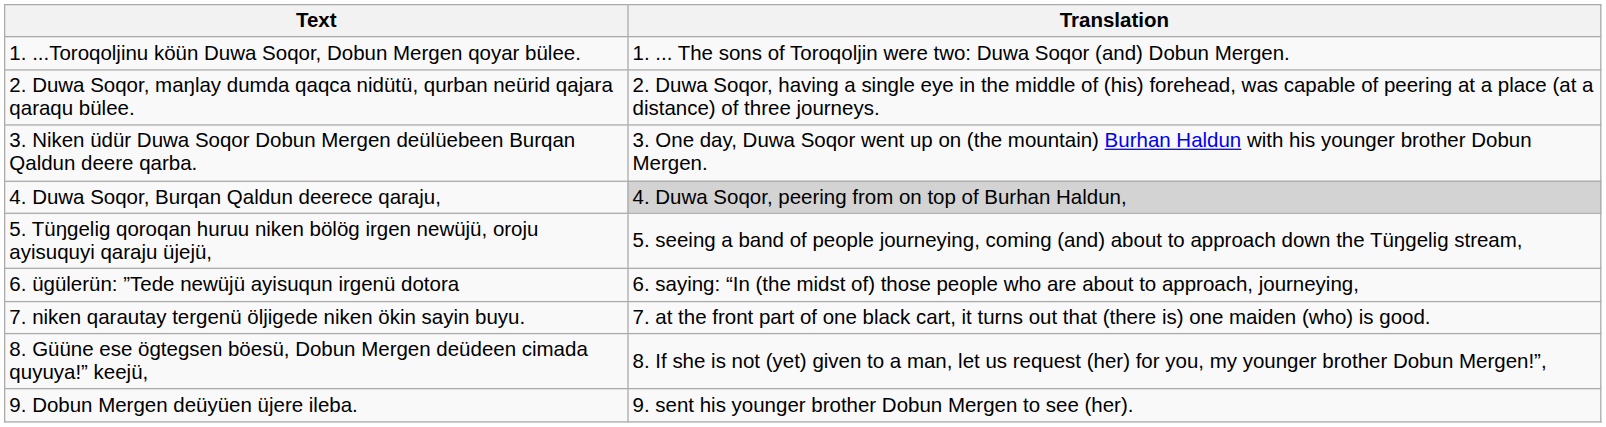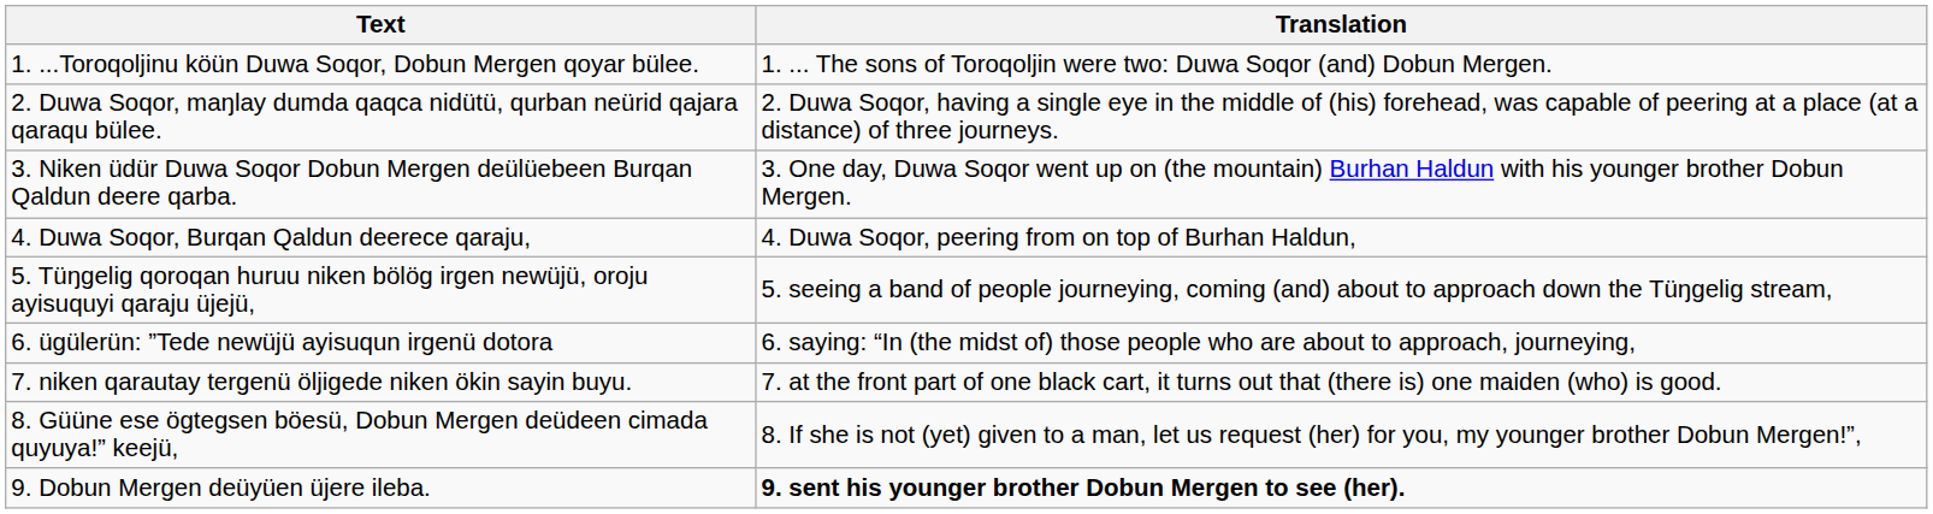 <table class="wikitable">
 <tr>
 <th>Text</th>
 <th>Translation</th>
 </tr>
 <tr>
 <td>1. ...Toroqoljinu köün Duwa Soqor, Dobun Mergen qoyar bülee.</td>
 <td>1. ... The sons of Toroqoljin were two: Duwa Soqor (and) Dobun Mergen.</td>
 </tr>
 <tr>
 <td>2. Duwa Soqor, maŋlay dumda qaqca nidütü, qurban neürid qajara qaraqu bülee.</td>
 <td>2. Duwa Soqor, having a single eye in the middle of (his) forehead, was capable of peering at a place (at a distance) of three journeys.</td>
 </tr>
 <tr>
 <td>3. Niken üdür Duwa Soqor Dobun Mergen deülüebeen Burqan Qaldun deere qarba.</td>
 <td>3. One day, Duwa Soqor went up on (the mountain) <a href='#'>Burhan Haldun</a> with his younger brother Dobun Mergen.</td>
 </tr>
 <tr>
 <td>4. Duwa Soqor, Burqan Qaldun deerece qaraju,</td>
-<td style="background: lightgrey;">4. Duwa Soqor, peering from on top of Burhan Haldun,</td>
+<td>4. Duwa Soqor, peering from on top of Burhan Haldun,</td>
 </tr>
 <tr>
 <td>5. Tüŋgelig qoroqan huruu niken bölög irgen newüjü, oroju ayisuquyi qaraju üjejü,</td>
 <td>5. seeing a band of people journeying, coming (and) about to approach down the Tüŋgelig stream,</td>
 </tr>
 <tr>
 <td>6. ügülerün: ”Tede newüjü ayisuqun irgenü dotora</td>
 <td>6. saying: “In (the midst of) those people who are about to approach, journeying,</td>
 </tr>
 <tr>
 <td>7. niken qarautay tergenü öljigede niken ökin sayin buyu.</td>
 <td>7. at the front part of one black cart, it turns out that (there is) one maiden (who) is good.</td>
 </tr>
 <tr>
 <td>8. Güüne ese ögtegsen böesü, Dobun Mergen deüdeen cimada quyuya!” keejü,</td>
 <td>8. If she is not (yet) given to a man, let us request (her) for you, my younger brother Dobun Mergen!”,</td>
 </tr>
 <tr>
 <td>9. Dobun Mergen deüyüen üjere ileba.</td>
-<td>9. sent his younger brother Dobun Mergen to see (her).</td>
+<td><strong>9. sent his younger brother Dobun Mergen to see (her).</strong></td>
 </tr>
 </table>
